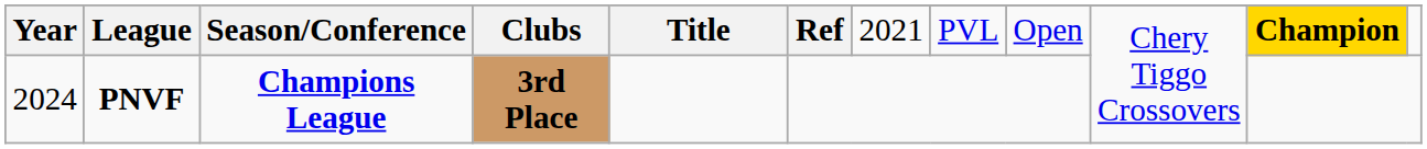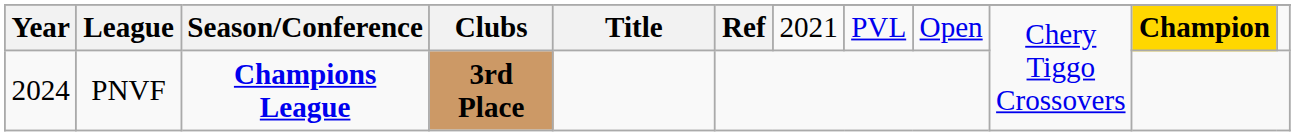 <table class="wikitable sortable" style="text-align:center" width="80%">
 <tr>
 <th style="width:5px;" rowspan="2">Year</th>
 <th style="width:25px;" rowspan="2">League</th>
 <th style="width:100px;" rowspan="2">Season/Conference</th>
 <th style="width:100px;" rowspan="2">Clubs</th>
 <th style="width:180px;" rowspan="2">Title</th>
 <th style="width:25px;" rowspan="2">Ref</th>
 </tr>
 <tr>
 <td>2021</td>
 <td><a href='#'>PVL</a></td>
 <td><a href='#'>Open</a></td>
 <td rowspan=2><a href='#'>Chery Tiggo Crossovers</a></td>
 <td style="background:gold;"><strong>Champion</strong></td>
 <td></td>
 </tr>
 <tr>
 <td>2024</td>
-<td><strong>PNVF</strong></td>
+<td>PNVF</td>
 <td><strong><a href='#'>Champions League</a></strong></td>
 <td style="background:#c96;"><strong>3rd Place</strong></td>
 <td></td>
 </tr>
 </table>
